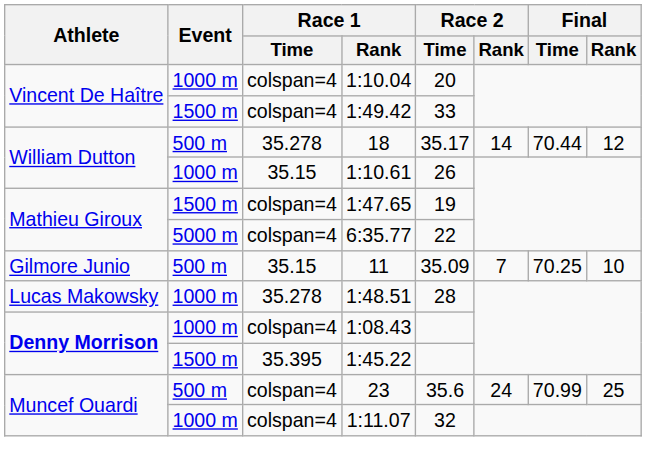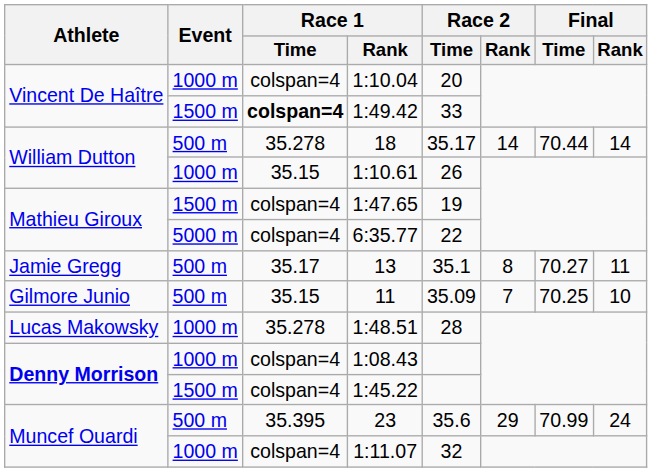 <table class="wikitable" style="font-size:90%">
 <tr>
 <th rowspan=2>Athlete</th>
 <th rowspan=2>Event</th>
 <th colspan=2>Race 1</th>
 <th colspan=2>Race 2</th>
 <th colspan=2>Final</th>
 </tr>
 <tr style="font-size:95%">
 <th>Time</th>
 <th>Rank</th>
 <th>Time</th>
 <th>Rank</th>
 <th>Time</th>
 <th>Rank</th>
 </tr>
 <tr align=center>
 <td align=left rowspan=2><a href='#'>Vincent De Haître</a></td>
 <td align=left><a href='#'>1000 m</a></td>
 <td>colspan=4 </td>
 <td>1:10.04</td>
 <td>20</td>
 </tr>
 <tr align=center>
 <td align=left><a href='#'>1500 m</a></td>
-<td>colspan=4 </td>
+<td><strong>colspan=4 </strong></td>
 <td>1:49.42</td>
 <td>33</td>
 </tr>
 <tr align=center>
 <td align=left rowspan=2><a href='#'>William Dutton</a></td>
 <td align=left><a href='#'>500 m</a></td>
 <td>35.278</td>
 <td>18</td>
 <td>35.17</td>
 <td>14</td>
 <td>70.44</td>
-<td>12</td>
+<td>14</td>
 </tr>
 <tr align=center>
 <td align=left><a href='#'>1000 m</a></td>
 <td>35.15</td>
 <td>1:10.61</td>
 <td>26</td>
 </tr>
 <tr align=center>
 <td align=left rowspan=2><a href='#'>Mathieu Giroux</a></td>
 <td align=left><a href='#'>1500 m</a></td>
 <td>colspan=4 </td>
 <td>1:47.65</td>
 <td>19</td>
 </tr>
 <tr align=center>
 <td align=left><a href='#'>5000 m</a></td>
 <td>colspan=4 </td>
 <td>6:35.77</td>
 <td>22</td>
+</tr>
+<tr align=center>
+<td align=left><a href='#'>Jamie Gregg</a></td>
+<td align=left><a href='#'>500 m</a></td>
+<td>35.17</td>
+<td>13</td>
+<td>35.1</td>
+<td>8</td>
+<td>70.27</td>
+<td>11</td>
 </tr>
 <tr align=center>
 <td align=left><a href='#'>Gilmore Junio</a></td>
 <td align=left><a href='#'>500 m</a></td>
 <td>35.15</td>
 <td>11</td>
 <td>35.09</td>
 <td>7</td>
 <td>70.25</td>
 <td>10</td>
 </tr>
 <tr align=center>
 <td align=left><a href='#'>Lucas Makowsky</a></td>
 <td align=left><a href='#'>1000 m</a></td>
 <td>35.278</td>
 <td>1:48.51</td>
 <td>28</td>
 </tr>
 <tr align=center>
 <td align=left rowspan =2><strong><a href='#'>Denny Morrison</a></strong></td>
 <td align=left><a href='#'>1000 m</a></td>
 <td>colspan=4 </td>
 <td>1:08.43</td>
 <td></td>
 </tr>
 <tr align=center>
 <td align=left><a href='#'>1500 m</a></td>
-<td>35.395</td>
+<td>colspan=4 </td>
 <td>1:45.22</td>
 <td></td>
 </tr>
 <tr align=center>
 <td align=left rowspan=2><a href='#'>Muncef Ouardi</a></td>
 <td align=left><a href='#'>500 m</a></td>
-<td>colspan=4 </td>
+<td>35.395</td>
 <td>23</td>
 <td>35.6</td>
+<td>29</td>
+<td>70.99</td>
 <td>24</td>
-<td>70.99</td>
-<td>25</td>
 </tr>
 <tr align=center>
 <td align=left><a href='#'>1000 m</a></td>
 <td>colspan=4 </td>
 <td>1:11.07</td>
 <td>32</td>
 </tr>
 </table>
